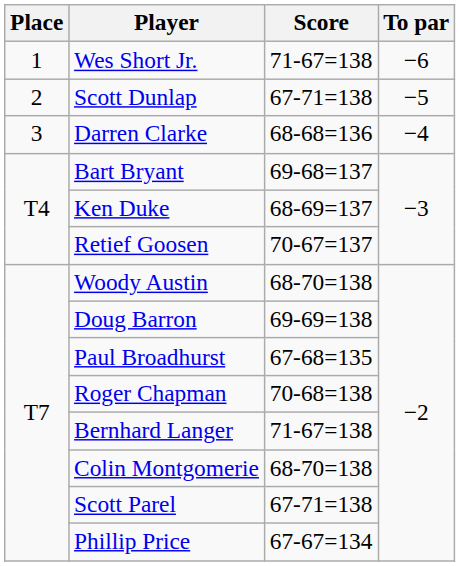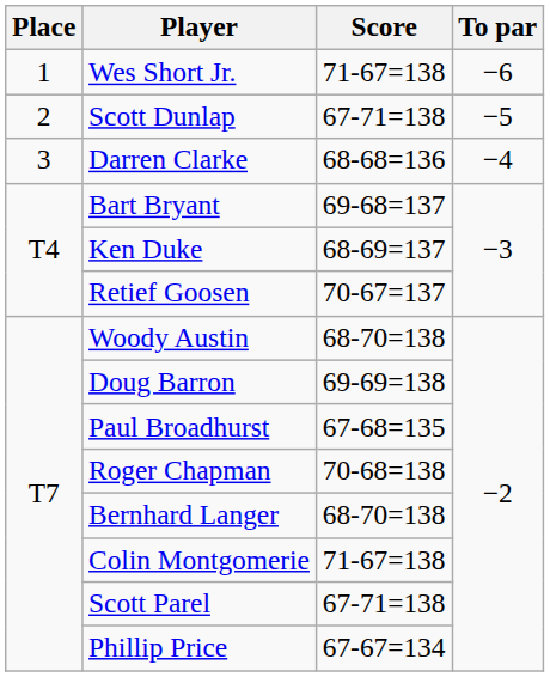 <table class="wikitable">
 <tr>
 <th>Place</th>
 <th>Player</th>
 <th>Score</th>
 <th>To par</th>
 </tr>
 <tr>
 <td align=center>1</td>
 <td> <a href='#'>Wes Short Jr.</a></td>
 <td>71-67=138</td>
 <td align=center>−6</td>
 </tr>
 <tr>
 <td align=center>2</td>
 <td> <a href='#'>Scott Dunlap</a></td>
 <td>67-71=138</td>
 <td align=center>−5</td>
 </tr>
 <tr>
 <td align=center>3</td>
 <td> <a href='#'>Darren Clarke</a></td>
 <td align=center>68-68=136</td>
 <td align=center>−4</td>
 </tr>
 <tr>
 <td rowspan="3" style="text-align:center;">T4</td>
 <td> <a href='#'>Bart Bryant</a></td>
 <td>69-68=137</td>
 <td rowspan="3" style="text-align:center;">−3</td>
 </tr>
 <tr>
 <td> <a href='#'>Ken Duke</a></td>
 <td>68-69=137</td>
 </tr>
 <tr>
 <td> <a href='#'>Retief Goosen</a></td>
 <td>70-67=137</td>
 </tr>
 <tr>
 <td rowspan="8" style="text-align:center;">T7</td>
 <td> <a href='#'>Woody Austin</a></td>
 <td>68-70=138</td>
 <td rowspan="8" style="text-align:center;">−2</td>
 </tr>
 <tr>
 <td> <a href='#'>Doug Barron</a></td>
 <td>69-69=138</td>
 </tr>
 <tr>
 <td> <a href='#'>Paul Broadhurst</a></td>
 <td align=center>67-68=135</td>
 </tr>
 <tr>
 <td> <a href='#'>Roger Chapman</a></td>
 <td>70-68=138</td>
 </tr>
 <tr>
 <td> <a href='#'>Bernhard Langer</a></td>
-<td>71-67=138</td>
+<td>68-70=138</td>
 </tr>
 <tr>
 <td> <a href='#'>Colin Montgomerie</a></td>
-<td>68-70=138</td>
+<td>71-67=138</td>
 </tr>
 <tr>
 <td> <a href='#'>Scott Parel</a></td>
 <td>67-71=138</td>
 </tr>
 <tr>
 <td> <a href='#'>Phillip Price</a></td>
 <td align=center>67-67=134</td>
 </tr>
 </table>
